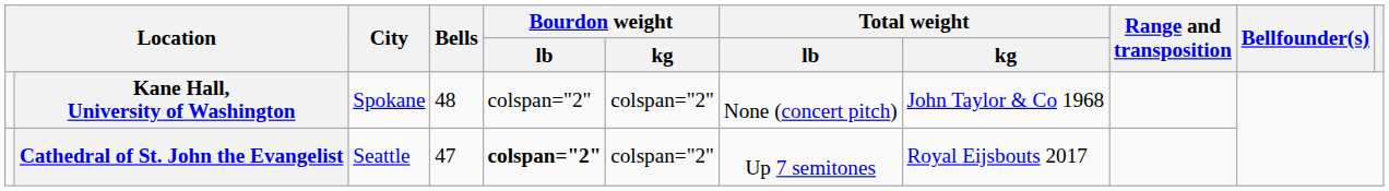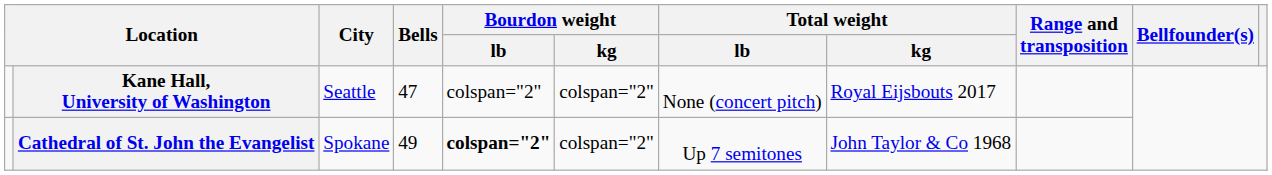 <table class="wikitable sortable plainrowheaders">
 <tr>
 <th scope="col" colspan="2" rowspan="2" class="unsortable">Location</th>
 <th scope="col" rowspan="2">City</th>
 <th scope="col" rowspan="2">Bells</th>
 <th scope="col" colspan="2"><a href='#'>Bourdon</a> weight</th>
 <th scope="col" colspan="2">Total weight</th>
 <th scope="col" rowspan="2" class="unsortable"><a href='#'>Range</a> and<br><a href='#'>transposition</a></th>
 <th scope="col" rowspan="2" class="unsortable"><a href='#'>Bellfounder(s)</a></th>
 <th scope="col" rowspan="2" class="unsortable"></th>
 </tr>
 <tr>
 <th scope="col">lb</th>
 <th scope="col">kg</th>
 <th scope="col">lb</th>
 <th scope="col">kg</th>
 </tr>
 <tr>
 <td></td>
 <th scope="row">Kane Hall,<br><a href='#'>University of Washington</a></th>
-<td><a href='#'>Spokane</a></td>
-<td>48</td>
+<td><a href='#'>Seattle</a></td>
+<td>47</td>
 <td>colspan="2" </td>
 <td>colspan="2" </td>
 <td style="text-align: center"><br>None (<a href='#'>concert pitch</a>)</td>
-<td><a href='#'>John Taylor & Co</a> 1968</td>
+<td><a href='#'>Royal Eijsbouts</a> 2017</td>
 <td></td>
 </tr>
 <tr>
 <td></td>
 <th scope="row"><a href='#'>Cathedral of St. John the Evangelist</a></th>
-<td><a href='#'>Seattle</a></td>
-<td>47</td>
+<td><a href='#'>Spokane</a></td>
+<td>49</td>
 <td><strong>colspan="2" </strong></td>
 <td>colspan="2" </td>
 <td style="text-align: center"><br>Up <a href='#'>7 semitones</a></td>
-<td><a href='#'>Royal Eijsbouts</a> 2017</td>
+<td><a href='#'>John Taylor & Co</a> 1968</td>
 <td></td>
 </tr>
 </table>
